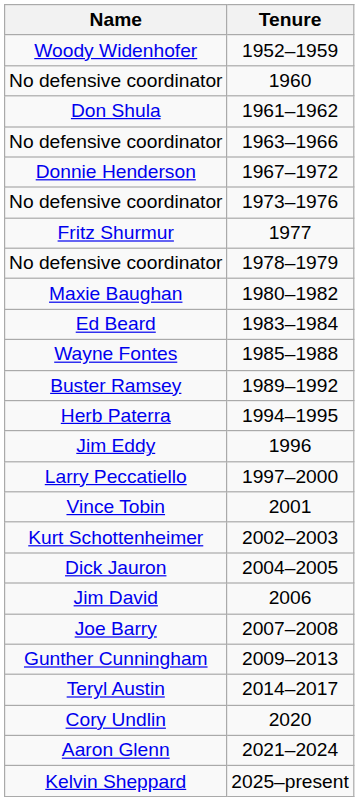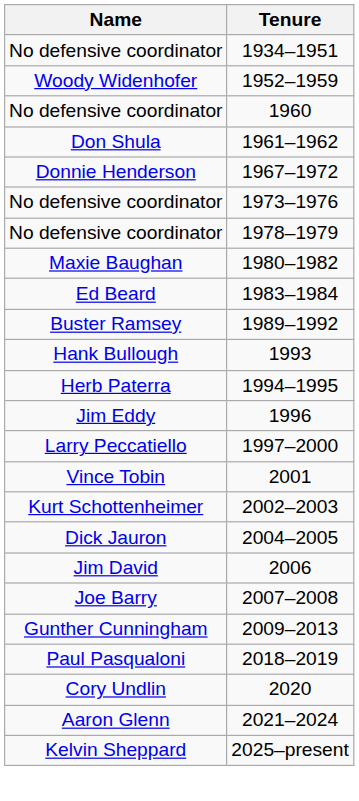 <table class="wikitable" style="text-align:center">
 <tr>
 <th>Name</th>
 <th>Tenure</th>
+</tr>
+<tr>
+<td>No defensive coordinator</td>
+<td>1934–1951</td>
 </tr>
 <tr>
 <td><a href='#'>Woody Widenhofer</a></td>
 <td>1952–1959</td>
 </tr>
 <tr>
 <td>No defensive coordinator</td>
 <td>1960</td>
 </tr>
 <tr>
 <td><a href='#'>Don Shula</a></td>
 <td>1961–1962</td>
 </tr>
 <tr>
-<td>No defensive coordinator</td>
-<td>1963–1966</td>
-</tr>
-<tr>
 <td><a href='#'>Donnie Henderson</a></td>
 <td>1967–1972</td>
 </tr>
 <tr>
 <td>No defensive coordinator</td>
 <td>1973–1976</td>
-</tr>
-<tr>
-<td><a href='#'>Fritz Shurmur</a></td>
-<td>1977</td>
 </tr>
 <tr>
 <td>No defensive coordinator</td>
 <td>1978–1979</td>
 </tr>
 <tr>
 <td><a href='#'>Maxie Baughan</a></td>
 <td>1980–1982</td>
 </tr>
 <tr>
 <td><a href='#'>Ed Beard</a></td>
 <td>1983–1984</td>
 </tr>
 <tr>
-<td><a href='#'>Wayne Fontes</a></td>
-<td>1985–1988</td>
+<td><a href='#'>Buster Ramsey</a></td>
+<td>1989–1992</td>
 </tr>
 <tr>
-<td><a href='#'>Buster Ramsey</a></td>
-<td>1989–1992</td>
+<td><a href='#'>Hank Bullough</a></td>
+<td>1993</td>
 </tr>
 <tr>
 <td><a href='#'>Herb Paterra</a></td>
 <td>1994–1995</td>
 </tr>
 <tr>
 <td><a href='#'>Jim Eddy</a></td>
 <td>1996</td>
 </tr>
 <tr>
 <td><a href='#'>Larry Peccatiello</a></td>
 <td>1997–2000</td>
 </tr>
 <tr>
 <td><a href='#'>Vince Tobin</a></td>
 <td>2001</td>
 </tr>
 <tr>
 <td><a href='#'>Kurt Schottenheimer</a></td>
 <td>2002–2003</td>
 </tr>
 <tr>
 <td><a href='#'>Dick Jauron</a></td>
 <td>2004–2005</td>
 </tr>
 <tr>
 <td><a href='#'>Jim David</a></td>
 <td>2006</td>
 </tr>
 <tr>
 <td><a href='#'>Joe Barry</a></td>
 <td>2007–2008</td>
 </tr>
 <tr>
 <td><a href='#'>Gunther Cunningham</a></td>
 <td>2009–2013</td>
 </tr>
 <tr>
-<td><a href='#'>Teryl Austin</a></td>
-<td>2014–2017</td>
+<td><a href='#'>Paul Pasqualoni</a></td>
+<td>2018–2019</td>
 </tr>
 <tr>
 <td><a href='#'>Cory Undlin</a></td>
 <td>2020</td>
 </tr>
 <tr>
 <td><a href='#'>Aaron Glenn</a></td>
 <td>2021–2024</td>
 </tr>
 <tr>
 <td><a href='#'>Kelvin Sheppard</a></td>
 <td>2025–present</td>
 </tr>
 </table>
